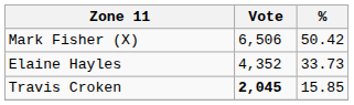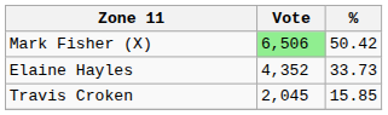 <table class="wikitable">
 <tr>
 <th bgcolor="#DDDDFF" width="200px">Zone 11</th>
 <th bgcolor="#DDDDFF" width="50px">Vote</th>
 <th bgcolor="#DDDDFF" width="30px">%</th>
 </tr>
 <tr>
 <td>Mark Fisher (X)</td>
-<td>6,506</td>
+<td style="background: lightgreen;">6,506</td>
 <td>50.42</td>
 </tr>
 <tr>
 <td>Elaine Hayles</td>
 <td>4,352</td>
 <td>33.73</td>
 </tr>
 <tr>
 <td>Travis Croken</td>
-<td><strong>2,045</strong></td>
+<td>2,045</td>
 <td>15.85</td>
 </tr>
 <tr>
 </tr>
 </table>
